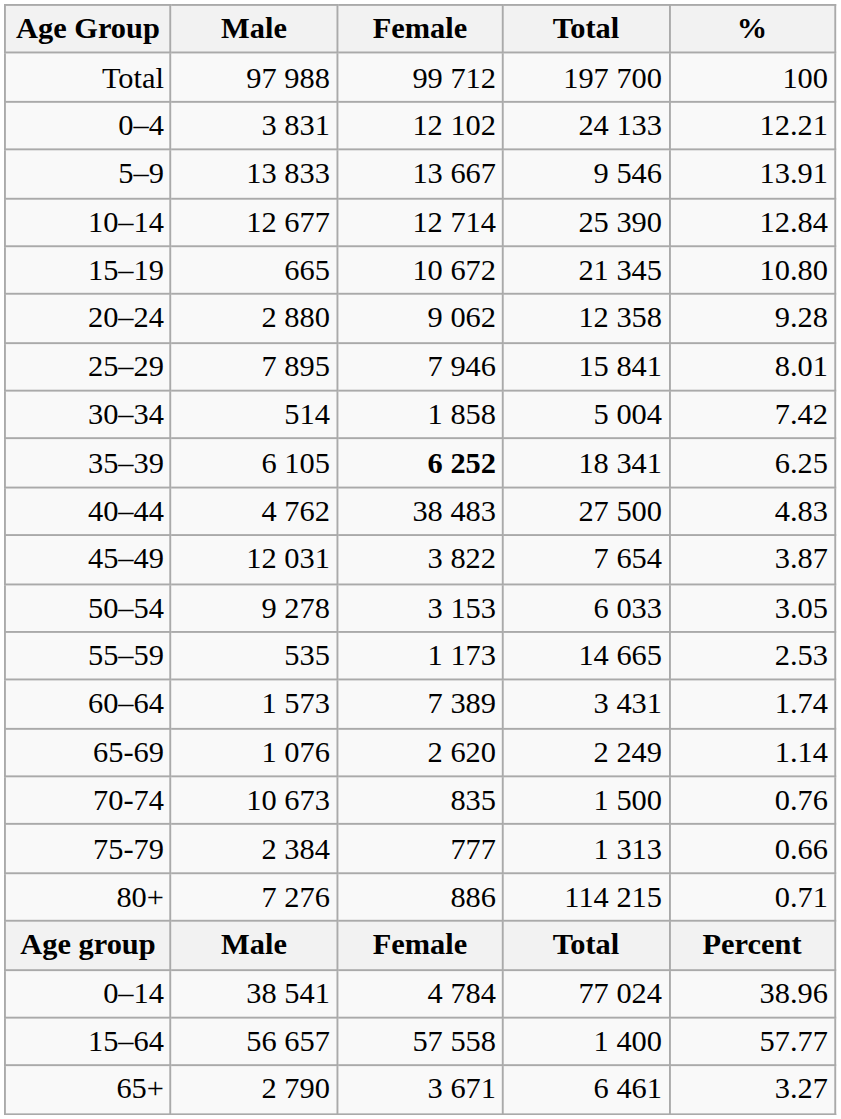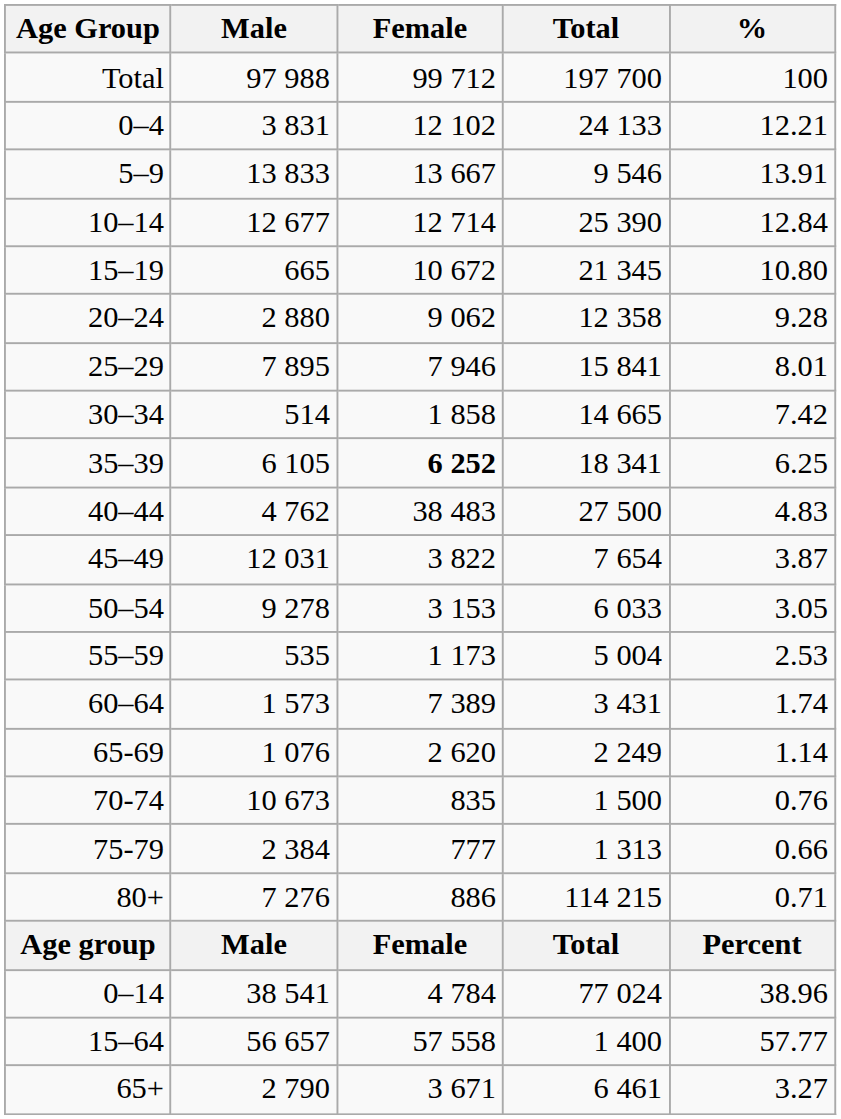 <table class="wikitable">
 <tr>
 <th width="80pt">Age Group</th>
 <th width="80pt">Male</th>
 <th width="80pt">Female</th>
 <th width="80pt">Total</th>
 <th width="80pt">%</th>
 </tr>
 <tr>
 <td align="right">Total</td>
 <td align="right">97 988</td>
 <td align="right">99 712</td>
 <td align="right">197 700</td>
 <td align="right">100</td>
 </tr>
 <tr>
 <td align="right">0–4</td>
 <td align="right">3 831</td>
 <td align="right">12 102</td>
 <td align="right">24 133</td>
 <td align="right">12.21</td>
 </tr>
 <tr>
 <td align="right">5–9</td>
 <td align="right">13 833</td>
 <td align="right">13 667</td>
 <td align="right">9 546</td>
 <td align="right">13.91</td>
 </tr>
 <tr>
 <td align="right">10–14</td>
 <td align="right">12 677</td>
 <td align="right">12 714</td>
 <td align="right">25 390</td>
 <td align="right">12.84</td>
 </tr>
 <tr>
 <td align="right">15–19</td>
 <td align="right">665</td>
 <td align="right">10 672</td>
 <td align="right">21 345</td>
 <td align="right">10.80</td>
 </tr>
 <tr>
 <td align="right">20–24</td>
 <td align="right">2 880</td>
 <td align="right">9 062</td>
 <td align="right">12 358</td>
 <td align="right">9.28</td>
 </tr>
 <tr>
 <td align="right">25–29</td>
 <td align="right">7 895</td>
 <td align="right">7 946</td>
 <td align="right">15 841</td>
 <td align="right">8.01</td>
 </tr>
 <tr>
 <td align="right">30–34</td>
 <td align="right">514</td>
 <td align="right">1 858</td>
-<td align="right">5 004</td>
+<td align="right">14 665</td>
 <td align="right">7.42</td>
 </tr>
 <tr>
 <td align="right">35–39</td>
 <td align="right">6 105</td>
 <td align="right"><strong>6 252</strong></td>
 <td align="right">18 341</td>
 <td align="right">6.25</td>
 </tr>
 <tr>
 <td align="right">40–44</td>
 <td align="right">4 762</td>
 <td align="right">38 483</td>
 <td align="right">27 500</td>
 <td align="right">4.83</td>
 </tr>
 <tr>
 <td align="right">45–49</td>
 <td align="right">12 031</td>
 <td align="right">3 822</td>
 <td align="right">7 654</td>
 <td align="right">3.87</td>
 </tr>
 <tr>
 <td align="right">50–54</td>
 <td align="right">9 278</td>
 <td align="right">3 153</td>
 <td align="right">6 033</td>
 <td align="right">3.05</td>
 </tr>
 <tr>
 <td align="right">55–59</td>
 <td align="right">535</td>
 <td align="right">1 173</td>
-<td align="right">14 665</td>
+<td align="right">5 004</td>
 <td align="right">2.53</td>
 </tr>
 <tr>
 <td align="right">60–64</td>
 <td align="right">1 573</td>
 <td align="right">7 389</td>
 <td align="right">3 431</td>
 <td align="right">1.74</td>
 </tr>
 <tr>
 <td align="right">65-69</td>
 <td align="right">1 076</td>
 <td align="right">2 620</td>
 <td align="right">2 249</td>
 <td align="right">1.14</td>
 </tr>
 <tr>
 <td align="right">70-74</td>
 <td align="right">10 673</td>
 <td align="right">835</td>
 <td align="right">1 500</td>
 <td align="right">0.76</td>
 </tr>
 <tr>
 <td align="right">75-79</td>
 <td align="right">2 384</td>
 <td align="right">777</td>
 <td align="right">1 313</td>
 <td align="right">0.66</td>
 </tr>
 <tr>
 <td align="right">80+</td>
 <td align="right">7 276</td>
 <td align="right">886</td>
 <td align="right">114 215</td>
 <td align="right">0.71</td>
 </tr>
 <tr>
 <th width="50">Age group</th>
 <th width="80pt">Male</th>
 <th width="80">Female</th>
 <th width="80">Total</th>
 <th width="50">Percent</th>
 </tr>
 <tr>
 <td align="right">0–14</td>
 <td align="right">38 541</td>
 <td align="right">4 784</td>
 <td align="right">77 024</td>
 <td align="right">38.96</td>
 </tr>
 <tr>
 <td align="right">15–64</td>
 <td align="right">56 657</td>
 <td align="right">57 558</td>
 <td align="right">1 400</td>
 <td align="right">57.77</td>
 </tr>
 <tr>
 <td align="right">65+</td>
 <td align="right">2 790</td>
 <td align="right">3 671</td>
 <td align="right">6 461</td>
 <td align="right">3.27</td>
 </tr>
 <tr>
 </tr>
 </table>
